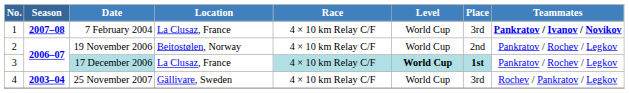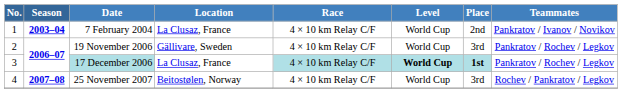 <table class="wikitable sortable" style="font-size:95%; text-align:center; border:grey solid 1px; border-collapse:collapse; background:#ffffff;">
 <tr style="background:#efefef;">
 <th style="background-color:#369; color:white;">No.</th>
 <th style="background-color:#369; color:white;">Season</th>
 <th style="background-color:#4180be; color:white; width:120px;">Date</th>
 <th style="background-color:#4180be; color:white; width:170px;">Location</th>
 <th style="background-color:#4180be; color:white; width:170px;">Race</th>
 <th style="background-color:#4180be; color:white; width:100px;">Level</th>
 <th style="background-color:#4180be; color:white;">Place</th>
 <th style="background-color:#4180be; color:white;">Teammates</th>
 </tr>
 <tr>
 <td align=center>1</td>
-<td rowspan=1 align=center><strong> <a href='#'>2007–08</a> </strong></td>
+<td rowspan=1 align=center><strong> <a href='#'>2003–04</a> </strong></td>
 <td align=right>7 February 2004</td>
 <td align=left> <a href='#'>La Clusaz</a>, France</td>
 <td>4 × 10 km Relay C/F</td>
 <td>World Cup</td>
-<td>3rd</td>
-<td><strong><a href='#'>Pankratov</a> / <a href='#'>Ivanov</a> / <a href='#'>Novikov</a></strong></td>
+<td>2nd</td>
+<td><a href='#'>Pankratov</a> / <a href='#'>Ivanov</a> / <a href='#'>Novikov</a></td>
 </tr>
 <tr>
 <td align=center>2</td>
 <td rowspan=2 align=center><strong> <a href='#'>2006–07</a> </strong></td>
 <td align=right>19 November 2006</td>
-<td align=left> <a href='#'>Beitostølen</a>, Norway</td>
+<td align=left> <a href='#'>Gällivare</a>, Sweden</td>
 <td>4 × 10 km Relay C/F</td>
 <td>World Cup</td>
-<td>2nd</td>
+<td>3rd</td>
 <td><a href='#'>Pankratov</a> / <a href='#'>Rochev</a> / <a href='#'>Legkov</a></td>
 </tr>
 <tr>
 <td align=center>3</td>
 <td bgcolor="#BOEOE6" align=right>17 December 2006</td>
 <td align=left> <a href='#'>La Clusaz</a>, France</td>
 <td bgcolor="#BOEOE6">4 × 10 km Relay C/F</td>
 <td bgcolor="#BOEOE6"><strong>World Cup</strong></td>
 <td bgcolor="#BOEOE6"><strong>1st</strong></td>
 <td><a href='#'>Pankratov</a> / <a href='#'>Rochev</a> / <a href='#'>Legkov</a></td>
 </tr>
 <tr>
 <td align=center>4</td>
-<td rowspan=1 align=center><strong> <a href='#'>2003–04</a> </strong></td>
+<td rowspan=1 align=center><strong> <a href='#'>2007–08</a> </strong></td>
 <td align=right>25 November 2007</td>
-<td align=left> <a href='#'>Gällivare</a>, Sweden</td>
+<td align=left> <a href='#'>Beitostølen</a>, Norway</td>
 <td>4 × 10 km Relay C/F</td>
 <td>World Cup</td>
 <td>3rd</td>
 <td><a href='#'>Rochev</a> /  <a href='#'>Pankratov</a> / <a href='#'>Legkov</a></td>
 </tr>
 <tr>
 </tr>
 </table>
